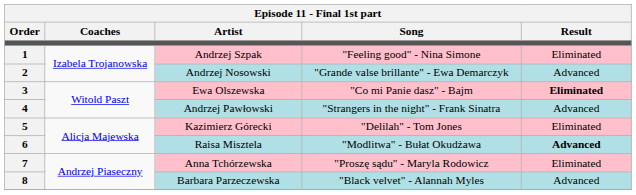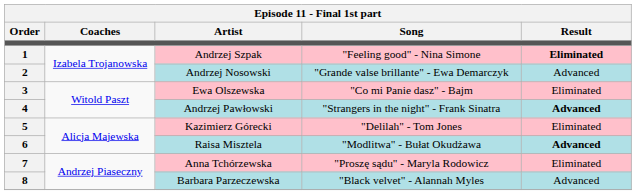 <table class="wikitable" style="text-align:center; width:100%;">
 <tr>
 <th colspan="5">Episode 11 - Final 1st part <small></small></th>
 </tr>
 <tr>
 <th width="5%">Order</th>
 <th width="15%">Coaches</th>
 <th width="20%">Artist</th>
 <th width="30%">Song</th>
 <th width="15%">Result</th>
 </tr>
 <tr>
 <td colspan="5" style="background:#555;"></td>
 </tr>
 <tr>
 <th>1</th>
 <td rowspan="2"><a href='#'>Izabela Trojanowska</a></td>
 <td style="background:pink;">Andrzej Szpak</td>
 <td style="background:pink;">"Feeling good" - Nina Simone</td>
-<td style="background:pink;">Eliminated</td>
+<td style="background:pink;"><strong>Eliminated</strong></td>
 </tr>
 <tr>
 <th>2</th>
 <td style="background:#b0e0e6;">Andrzej Nosowski</td>
 <td style="background:#b0e0e6;">"Grande valse brillante" - Ewa Demarczyk</td>
 <td style="background:#b0e0e6;">Advanced</td>
 </tr>
 <tr>
 <th scope="row">3</th>
 <td rowspan=2><a href='#'>Witold Paszt</a></td>
 <td style="background:pink;">Ewa Olszewska</td>
 <td style="background:pink;">"Co mi Panie dasz" - Bajm</td>
-<td style="background:pink;"><strong>Eliminated</strong></td>
+<td style="background:pink;">Eliminated</td>
 </tr>
 <tr>
 <th scope="row">4</th>
 <td style="background:#b0e0e6;">Andrzej Pawłowski</td>
 <td style="background:#b0e0e6;">"Strangers in the night" - Frank Sinatra</td>
-<td style="background:#b0e0e6;">Advanced</td>
+<td style="background:#b0e0e6;"><strong>Advanced</strong></td>
 </tr>
 <tr>
 <th scope="row">5</th>
 <td rowspan=2><a href='#'>Alicja Majewska</a></td>
 <td style="background:pink;">Kazimierz Górecki</td>
 <td style="background:pink;">"Delilah" - Tom Jones</td>
 <td style="background:pink;">Eliminated</td>
 </tr>
 <tr>
 <th scope="row">6</th>
 <td style="background:#b0e0e6;">Raisa Misztela</td>
 <td style="background:#b0e0e6;">"Modlitwa" - Bułat Okudżawa</td>
 <td style="background:#b0e0e6;"><strong>Advanced</strong></td>
 </tr>
 <tr>
 <th scope="row">7</th>
 <td rowspan=2><a href='#'>Andrzej Piaseczny</a></td>
 <td style="background:pink;">Anna Tchórzewska</td>
 <td style="background:pink;">"Proszę sądu" - Maryla Rodowicz</td>
 <td style="background:pink;">Eliminated</td>
 </tr>
 <tr>
 <th scope="row">8</th>
 <td style="background:#b0e0e6;">Barbara Parzeczewska</td>
 <td style="background:#b0e0e6;">"Black velvet" - Alannah Myles</td>
 <td style="background:#b0e0e6;">Advanced</td>
 </tr>
 <tr>
 </tr>
 </table>
